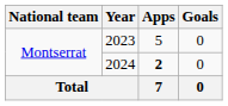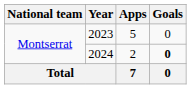 <table class=wikitable style=text-align:center>
 <tr>
 <th>National team</th>
 <th>Year</th>
 <th>Apps</th>
 <th>Goals</th>
 </tr>
 <tr>
 <td rowspan=2><a href='#'>Montserrat</a></td>
 <td>2023</td>
 <td>5</td>
 <td>0</td>
 </tr>
 <tr>
 <td>2024</td>
-<td><strong>2</strong></td>
-<td>0</td>
+<td>2</td>
+<td><strong>0</strong></td>
 </tr>
 <tr>
 <th colspan=2>Total</th>
 <th>7</th>
 <th>0</th>
 </tr>
 </table>
